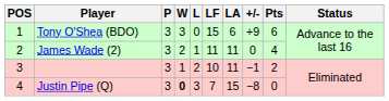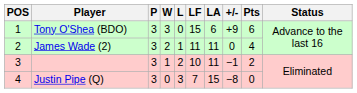 <table class="wikitable" style="text-align:center; margin: 1em auto 1em auto, align:left">
 <tr>
 <th width=20>POS</th>
 <th width=169>Player</th>
 <th width=3>P</th>
 <th width=3>W</th>
 <th width=3>L</th>
 <th width=20>LF</th>
 <th width=20>LA</th>
 <th width=20>+/-</th>
 <th width=20>Pts</th>
 <th width=129>Status</th>
 </tr>
 <tr style="background:#CCFFCC;">
 <td>1</td>
 <td style="text-align:left;"> <a href='#'>Tony O'Shea</a> (BDO)</td>
 <td>3</td>
 <td>3</td>
 <td>0</td>
 <td>15</td>
 <td>6</td>
 <td>+9</td>
 <td>6</td>
 <td rowspan=2>Advance to the last 16</td>
 </tr>
 <tr style="background:#CCFFCC;">
 <td>2</td>
 <td style="text-align:left;"> <a href='#'>James Wade</a> (2)</td>
 <td>3</td>
 <td>2</td>
 <td>1</td>
 <td>11</td>
 <td>11</td>
 <td>0</td>
 <td>4</td>
 </tr>
 <tr style="background:#FFCCCC;">
 <td>3</td>
 <td style="text-align:left;"></td>
 <td>3</td>
 <td>1</td>
 <td>2</td>
 <td>10</td>
 <td>11</td>
 <td>−1</td>
 <td>2</td>
 <td rowspan=2>Eliminated</td>
 </tr>
 <tr style="background:#FFCCCC;">
 <td>4</td>
 <td style="text-align:left;"> <a href='#'>Justin Pipe</a> (Q)</td>
 <td>3</td>
-<td><strong>0</strong></td>
+<td>0</td>
 <td>3</td>
 <td>7</td>
 <td>15</td>
 <td>−8</td>
 <td>0</td>
 </tr>
 </table>
